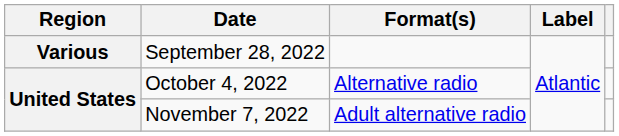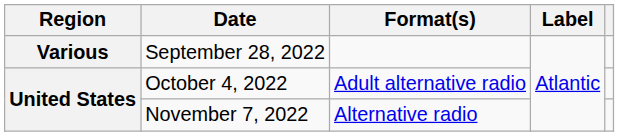 <table class="wikitable plainrowheaders">
 <tr>
 <th scope="col">Region</th>
 <th scope="col">Date</th>
 <th scope="col">Format(s)</th>
 <th scope="col">Label</th>
 <th scope="col"></th>
 </tr>
 <tr>
 <th scope="row">Various</th>
 <td>September 28, 2022</td>
 <td></td>
 <td rowspan="3"><a href='#'>Atlantic</a></td>
 <td style="text-align:center"></td>
 </tr>
 <tr>
 <th scope="row" rowspan="2">United States</th>
 <td>October 4, 2022</td>
-<td><a href='#'>Alternative radio</a></td>
+<td><a href='#'>Adult alternative radio</a></td>
 <td style="text-align:center"></td>
 </tr>
 <tr>
 <td>November 7, 2022</td>
-<td><a href='#'>Adult alternative radio</a></td>
+<td><a href='#'>Alternative radio</a></td>
 <td style="text-align:center"></td>
 </tr>
 </table>
